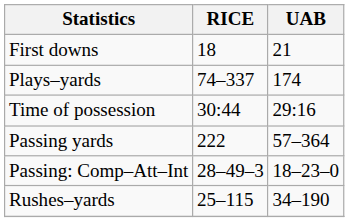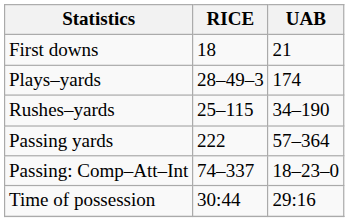 <table class="wikitable" style="float: left;">
 <tr>
 <th>Statistics</th>
 <th>RICE</th>
 <th>UAB</th>
 </tr>
 <tr>
 <td>First downs</td>
 <td>18</td>
 <td>21</td>
 </tr>
 <tr>
 <td>Plays–yards</td>
-<td>74–337</td>
+<td>28–49–3</td>
 <td>174</td>
 </tr>
 <tr>
-<td>Time of possession</td>
-<td>30:44</td>
-<td>29:16</td>
+<td>Rushes–yards</td>
+<td>25–115</td>
+<td>34–190</td>
 </tr>
 <tr>
 <td>Passing yards</td>
 <td>222</td>
 <td>57–364</td>
 </tr>
 <tr>
 <td>Passing: Comp–Att–Int</td>
-<td>28–49–3</td>
+<td>74–337</td>
 <td>18–23–0</td>
 </tr>
 <tr>
-<td>Rushes–yards</td>
-<td>25–115</td>
-<td>34–190</td>
+<td>Time of possession</td>
+<td>30:44</td>
+<td>29:16</td>
 </tr>
 <tr>
 </tr>
 </table>
